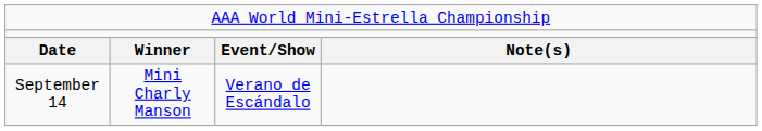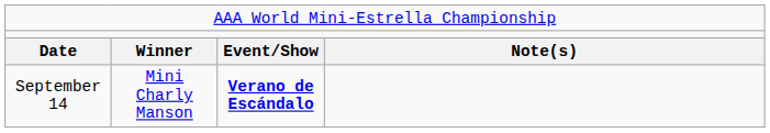 <table class="wikitable" style="text-align:center; width:100%;">
 <tr>
 <td colspan="5"><a href='#'>AAA World Mini-Estrella Championship</a></td>
 </tr>
 <tr>
 <td colspan="5"><strong></strong></td>
 </tr>
 <tr>
 <th width="14%">Date</th>
 <th width="14%">Winner</th>
 <th width="14%">Event/Show</th>
 <th width="58%">Note(s)</th>
 </tr>
 <tr>
 <td>September 14</td>
 <td><a href='#'>Mini Charly Manson</a></td>
-<td><a href='#'>Verano de Escándalo</a></td>
+<td><strong><a href='#'>Verano de Escándalo</a></strong></td>
 <td align="left"></td>
 </tr>
 </table>
